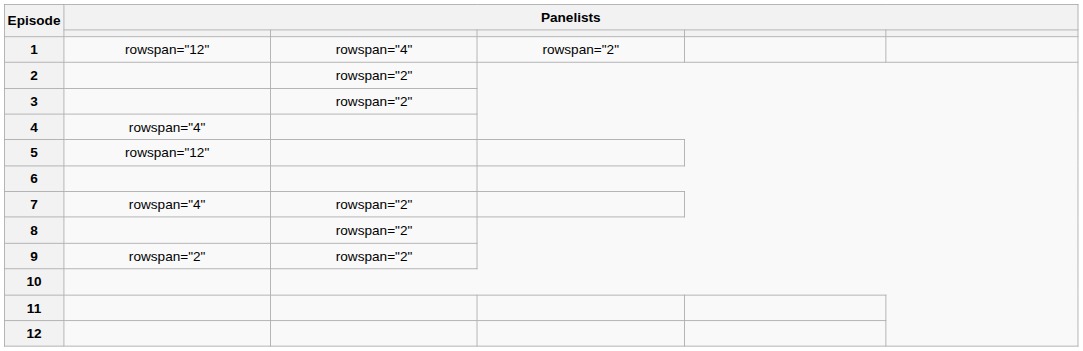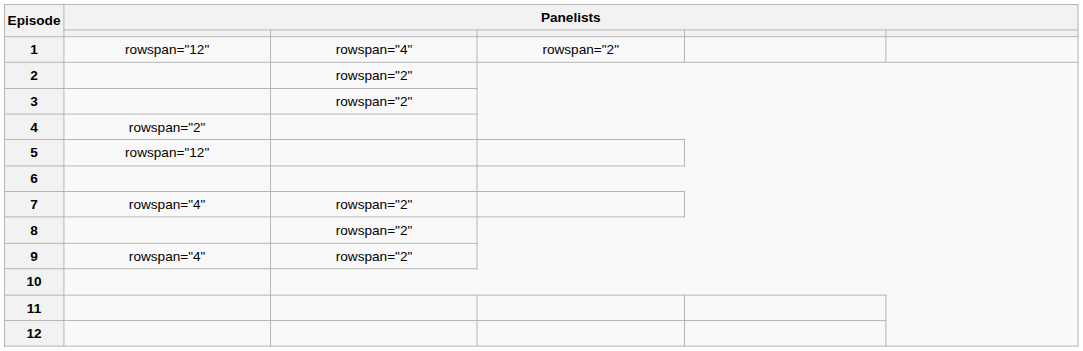 <table class="wikitable plainrowheaders mw-collapsible" style="text-align:center; line-height:23px; width:100%;">
 <tr>
 <th rowspan="2" width="1%">Episode</th>
 <th colspan="6">Panelists</th>
 </tr>
 <tr>
 <th width="20%"></th>
 <th width="20%"></th>
 <th width="20%"></th>
 <th width="20%"></th>
 <th width="20%"></th>
 </tr>
 <tr>
 <th>1</th>
 <td>rowspan="12"</td>
 <td>rowspan="4"</td>
 <td>rowspan="2"</td>
 <td></td>
 <td></td>
 </tr>
 <tr>
 <th>2</th>
 <td></td>
 <td>rowspan="2"</td>
 </tr>
 <tr>
 <th>3</th>
 <td></td>
 <td>rowspan="2"</td>
 </tr>
 <tr>
 <th>4</th>
-<td>rowspan="4"</td>
+<td>rowspan="2"</td>
 <td></td>
 </tr>
 <tr>
 <th>5</th>
 <td>rowspan="12"</td>
 <td></td>
 <td></td>
 </tr>
 <tr>
 <th>6</th>
 <td></td>
 <td></td>
 </tr>
 <tr>
 <th>7</th>
 <td>rowspan="4"</td>
 <td>rowspan="2"</td>
 <td></td>
 </tr>
 <tr>
 <th>8</th>
 <td></td>
 <td>rowspan="2"</td>
 </tr>
 <tr>
 <th>9</th>
-<td>rowspan="2"</td>
+<td>rowspan="4"</td>
 <td>rowspan="2"</td>
 </tr>
 <tr>
 <th>10</th>
 <td></td>
 </tr>
 <tr>
 <th>11</th>
 <td></td>
 <td></td>
 <td></td>
 <td></td>
 </tr>
 <tr>
 <th>12</th>
 <td></td>
 <td></td>
 <td></td>
 <td></td>
 </tr>
 </table>
